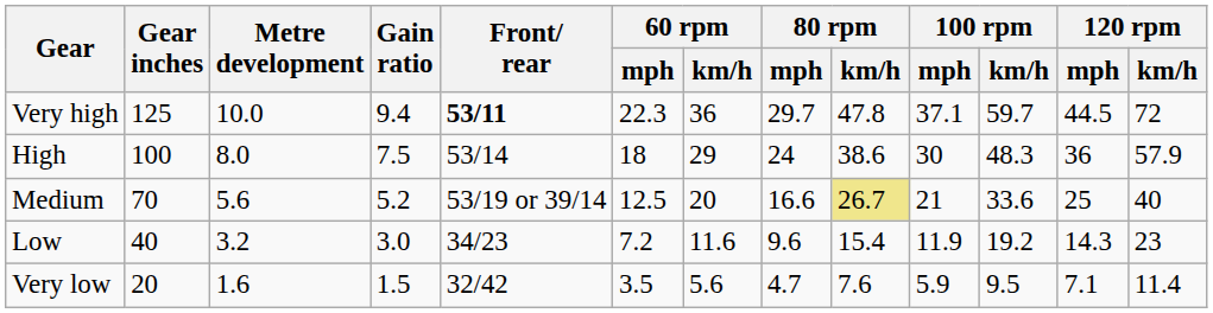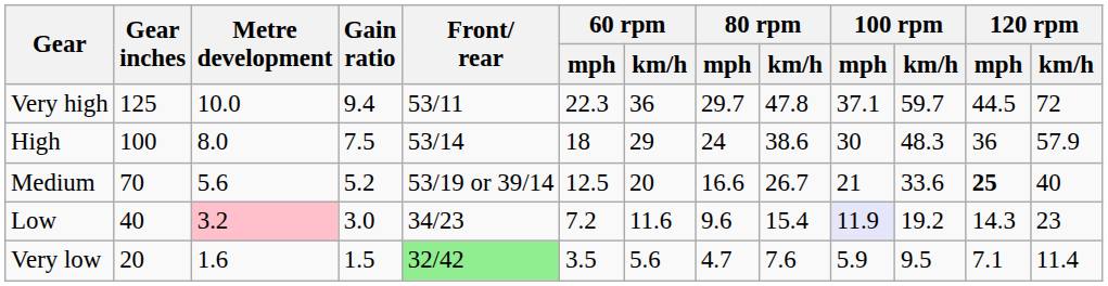 <table class="wikitable">
 <tr>
 <th rowspan=2>Gear</th>
 <th rowspan=2>Gear<br>inches</th>
 <th rowspan=2>Metre<br>development</th>
 <th rowspan=2>Gain<br>ratio</th>
 <th rowspan=2>Front/<br>rear</th>
 <th colspan=2 width="80">60 rpm</th>
 <th colspan=2 width="80">80 rpm</th>
 <th colspan=2 width="80">100 rpm</th>
 <th colspan=2 width="80">120 rpm</th>
 </tr>
 <tr>
 <th>mph</th>
 <th>km/h</th>
 <th>mph</th>
 <th>km/h</th>
 <th>mph</th>
 <th>km/h</th>
 <th>mph</th>
 <th>km/h</th>
 </tr>
 <tr>
 <td>Very high</td>
 <td>125</td>
 <td>10.0</td>
 <td>9.4</td>
-<td><strong>53/11</strong></td>
+<td>53/11</td>
 <td>22.3</td>
 <td>36</td>
 <td>29.7</td>
 <td>47.8</td>
 <td>37.1</td>
 <td>59.7</td>
 <td>44.5</td>
 <td>72</td>
 </tr>
 <tr>
 <td>High</td>
 <td>100</td>
 <td>8.0</td>
 <td>7.5</td>
 <td>53/14</td>
 <td>18</td>
 <td>29</td>
 <td>24</td>
 <td>38.6</td>
 <td>30</td>
 <td>48.3</td>
 <td>36</td>
 <td>57.9</td>
 </tr>
 <tr>
 <td>Medium</td>
 <td>70</td>
 <td>5.6</td>
 <td>5.2</td>
 <td>53/19 or 39/14</td>
 <td>12.5</td>
 <td>20</td>
 <td>16.6</td>
-<td style="background: khaki;">26.7</td>
+<td>26.7</td>
 <td>21</td>
 <td>33.6</td>
-<td>25</td>
+<td><strong>25</strong></td>
 <td>40</td>
 </tr>
 <tr>
 <td>Low</td>
 <td>40</td>
-<td>3.2</td>
+<td style="background: pink;">3.2</td>
 <td>3.0</td>
 <td>34/23</td>
 <td>7.2</td>
 <td>11.6</td>
 <td>9.6</td>
 <td>15.4</td>
-<td>11.9</td>
+<td style="background: lavender;">11.9</td>
 <td>19.2</td>
 <td>14.3</td>
 <td>23</td>
 </tr>
 <tr>
 <td>Very low</td>
 <td>20</td>
 <td>1.6</td>
 <td>1.5</td>
-<td>32/42</td>
+<td style="background: lightgreen;">32/42</td>
 <td>3.5</td>
 <td>5.6</td>
 <td>4.7</td>
 <td>7.6</td>
 <td>5.9</td>
 <td>9.5</td>
 <td>7.1</td>
 <td>11.4</td>
 </tr>
 </table>
